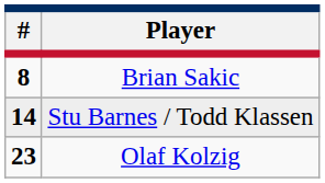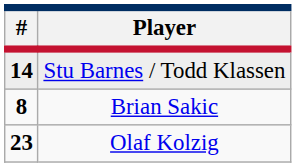 <table class="wikitable" style="text-align:center">
 <tr style="border-top:#002D62 5px solid; border-bottom:#C41230 5px solid">
 <th>#</th>
 <th>Player</th>
-</tr>
-<tr>
-<td><strong>8</strong></td>
-<td><a href='#'>Brian Sakic</a></td>
 </tr>
 <tr bgcolor="eeeeee">
 <td><strong>14</strong></td>
 <td><a href='#'>Stu Barnes</a> / Todd Klassen</td>
 </tr>
 <tr>
+<td><strong>8</strong></td>
+<td><a href='#'>Brian Sakic</a></td>
+</tr>
+<tr>
 <td><strong>23</strong></td>
 <td><a href='#'>Olaf Kolzig</a></td>
 </tr>
 </table>
